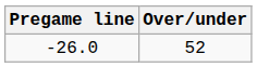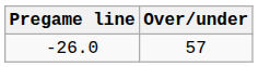 <table class="wikitable" style="margin-left: auto; margin-right: auto; border: none; display: inline-table;">
 <tr align="center">
 <th style=>Pregame line</th>
 <th style=>Over/under</th>
 </tr>
 <tr align="center">
 <td>-26.0</td>
-<td>52</td>
+<td>57</td>
 </tr>
 </table>
